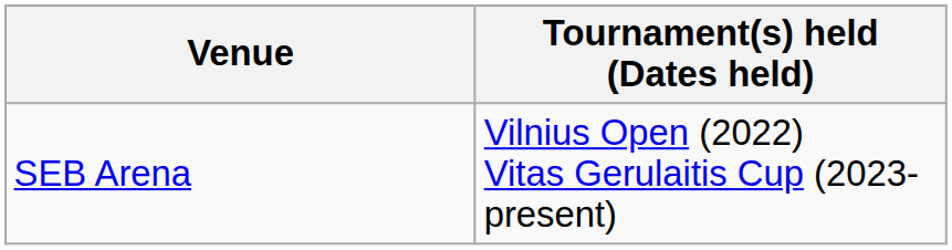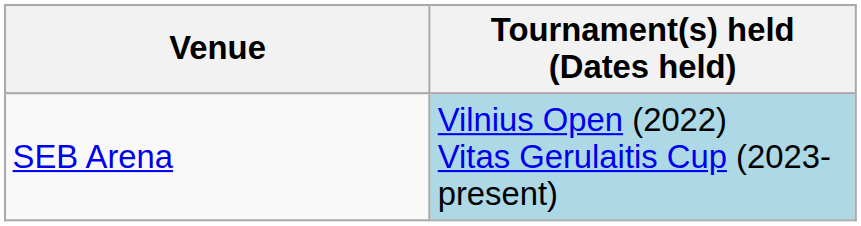 <table class="wikitable">
 <tr>
 <th width="200">Venue</th>
 <th width="200">Tournament(s) held<br>(Dates held)</th>
 </tr>
 <tr>
 <td><a href='#'>SEB Arena</a></td>
-<td><a href='#'>Vilnius Open</a> (2022)<br><a href='#'>Vitas Gerulaitis Cup</a> (2023-present)</td>
+<td style="background: lightblue;"><a href='#'>Vilnius Open</a> (2022)<br><a href='#'>Vitas Gerulaitis Cup</a> (2023-present)</td>
 </tr>
 </table>
